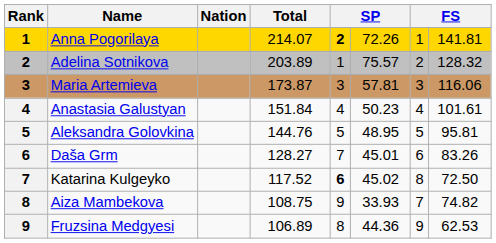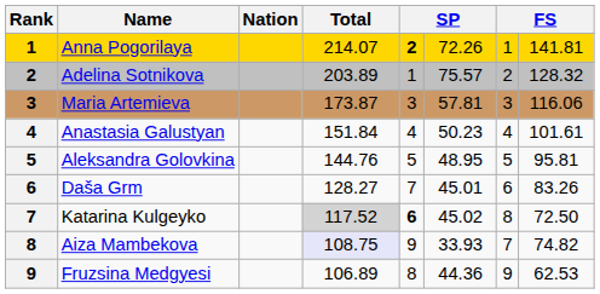 <table class="wikitable sortable">
 <tr>
 <th>Rank</th>
 <th>Name</th>
 <th>Nation</th>
 <th width="80px">Total</th>
 <th colspan="2" width="80px"><a href='#'>SP</a></th>
 <th colspan="2" width="80px"><a href='#'>FS</a></th>
 </tr>
 <tr bgcolor="gold">
 <td align="center"><strong>1</strong></td>
 <td><a href='#'>Anna Pogorilaya</a></td>
 <td></td>
 <td align="center">214.07</td>
 <td align="center"><strong>2</strong></td>
 <td align="center">72.26</td>
 <td align="center">1</td>
 <td align="center">141.81</td>
 </tr>
 <tr bgcolor="silver">
 <td align="center"><strong>2</strong></td>
 <td><a href='#'>Adelina Sotnikova</a></td>
 <td></td>
 <td align="center">203.89</td>
 <td align="center">1</td>
 <td align="center">75.57</td>
 <td align="center">2</td>
 <td align="center">128.32</td>
 </tr>
 <tr bgcolor="cc9966">
 <td align="center"><strong>3</strong></td>
 <td><a href='#'>Maria Artemieva</a></td>
 <td></td>
 <td align="center">173.87</td>
 <td align="center">3</td>
 <td align="center">57.81</td>
 <td align="center">3</td>
 <td align="center">116.06</td>
 </tr>
 <tr>
 <th>4</th>
 <td><a href='#'>Anastasia Galustyan</a></td>
 <td></td>
 <td align="center">151.84</td>
 <td align="center">4</td>
 <td align="center">50.23</td>
 <td align="center">4</td>
 <td align="center">101.61</td>
 </tr>
 <tr>
 <th>5</th>
 <td><a href='#'>Aleksandra Golovkina</a></td>
 <td></td>
 <td align="center">144.76</td>
 <td align="center">5</td>
 <td align="center">48.95</td>
 <td align="center">5</td>
 <td align="center">95.81</td>
 </tr>
 <tr>
 <th>6</th>
 <td><a href='#'>Daša Grm</a></td>
 <td></td>
 <td align="center">128.27</td>
 <td align="center">7</td>
 <td align="center">45.01</td>
 <td align="center">6</td>
 <td align="center">83.26</td>
 </tr>
 <tr>
 <th>7</th>
 <td>Katarina Kulgeyko</td>
 <td></td>
-<td align="center">117.52</td>
+<td align="center" style="background: lightgrey;">117.52</td>
 <td align="center"><strong>6</strong></td>
 <td align="center">45.02</td>
 <td align="center">8</td>
 <td align="center">72.50</td>
 </tr>
 <tr>
 <th>8</th>
 <td><a href='#'>Aiza Mambekova</a></td>
 <td></td>
-<td align="center">108.75</td>
+<td align="center" style="background: lavender;">108.75</td>
 <td align="center">9</td>
 <td align="center">33.93</td>
 <td align="center">7</td>
 <td align="center">74.82</td>
 </tr>
 <tr>
 <th>9</th>
 <td><a href='#'>Fruzsina Medgyesi</a></td>
 <td></td>
 <td align="center">106.89</td>
 <td align="center">8</td>
 <td align="center">44.36</td>
 <td align="center">9</td>
 <td align="center">62.53</td>
 </tr>
 </table>
